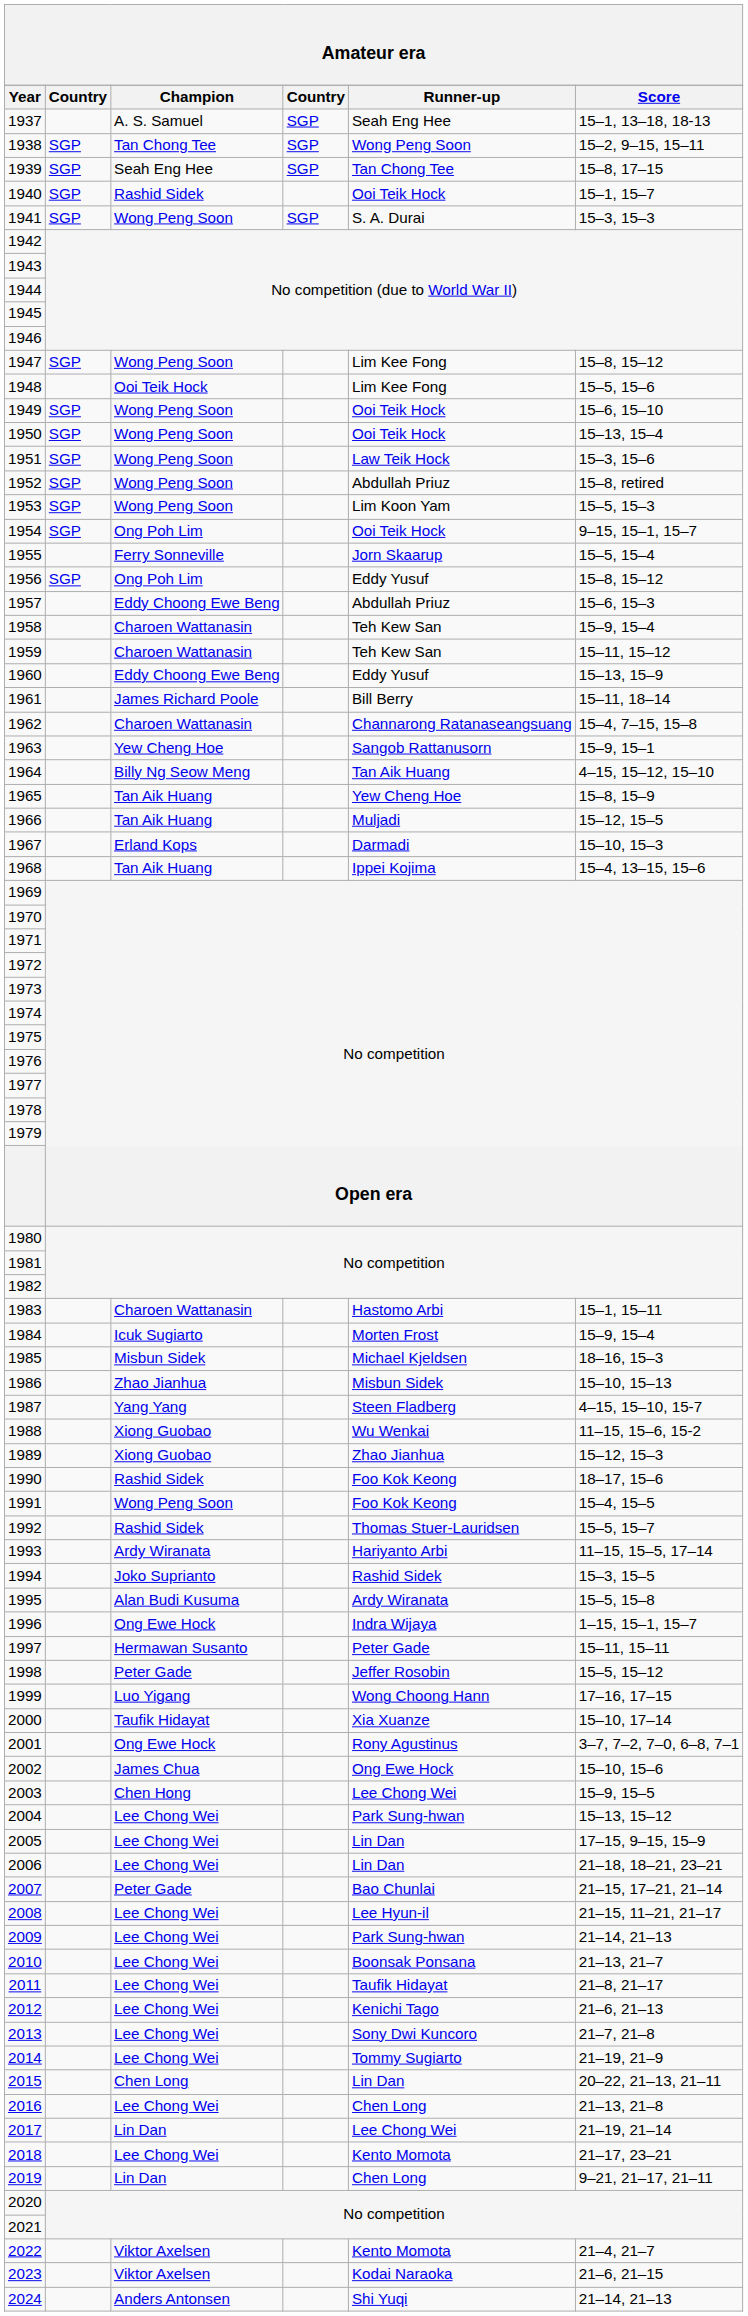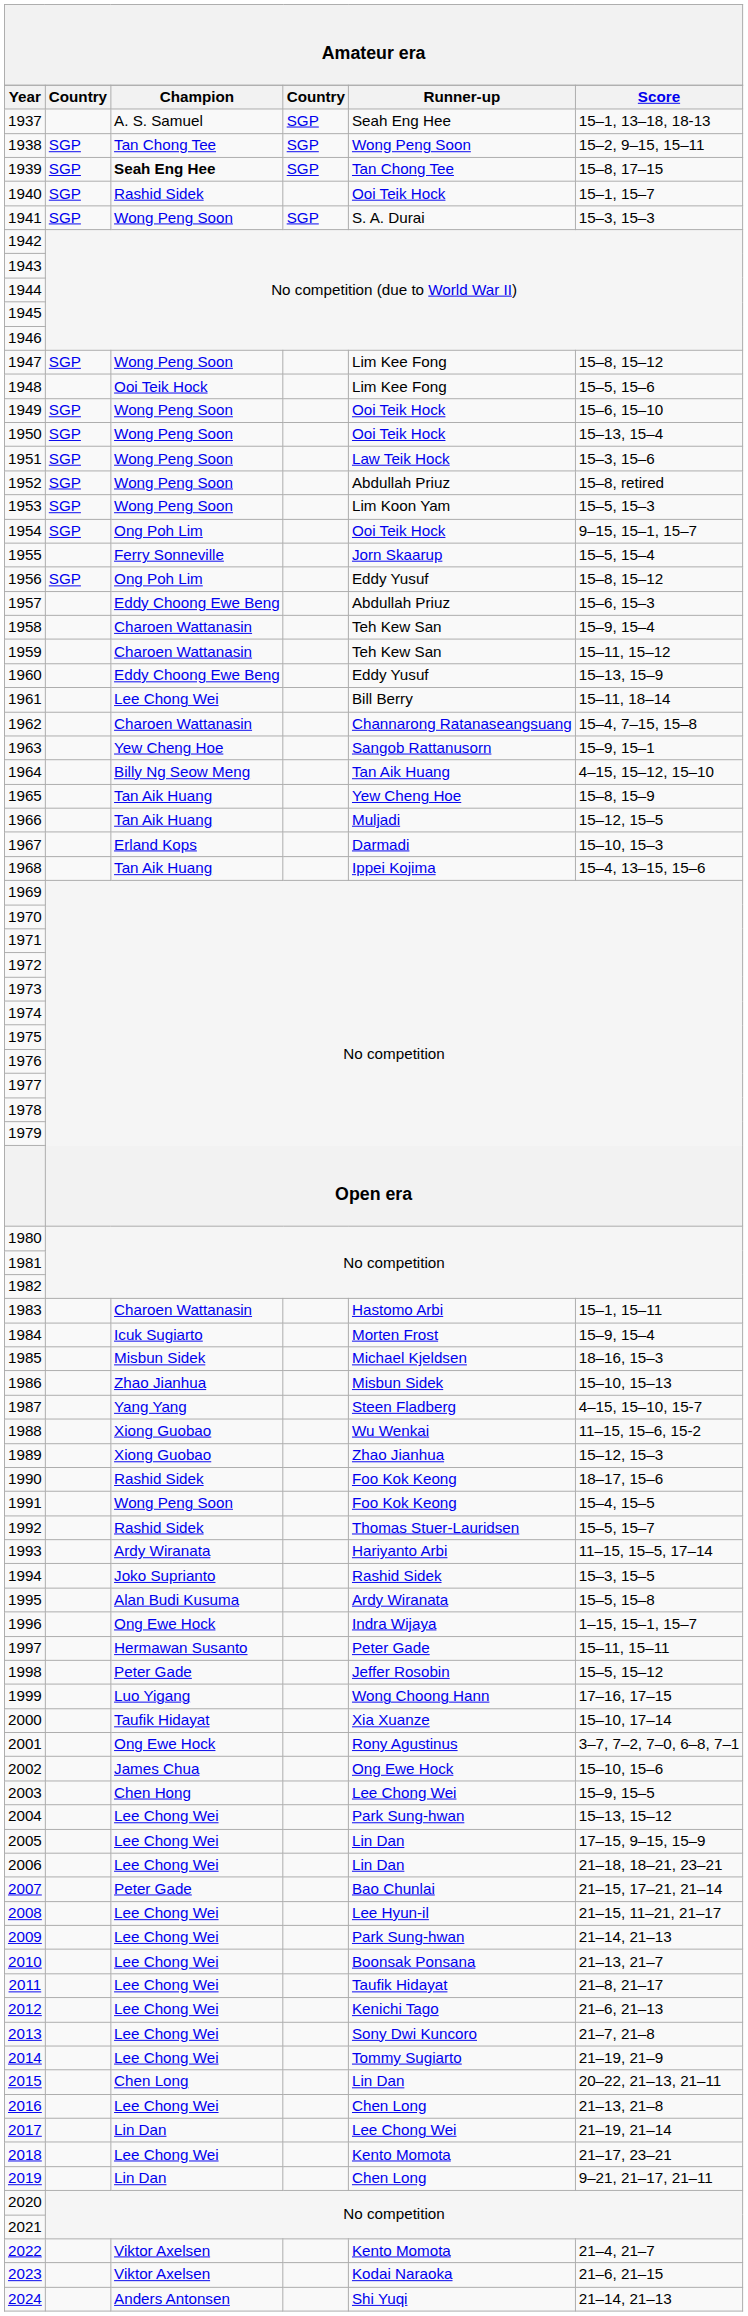 <table class="sortable wikitable">
 <tr>
 <th colspan="6"><br><h3>Amateur era</h3></th>
 </tr>
 <tr>
 </tr>
 <tr>
 <th>Year</th>
 <th>Country</th>
 <th>Champion</th>
 <th>Country</th>
 <th>Runner-up</th>
 <th class="unsortable"><a href='#'>Score</a></th>
 </tr>
 <tr>
 <td align="center">1937</td>
 <td></td>
 <td>A. S. Samuel</td>
 <td> <a href='#'>SGP</a></td>
 <td>Seah Eng Hee</td>
 <td>15–1, 13–18, 18-13</td>
 </tr>
 <tr>
 <td align="center">1938</td>
 <td> <a href='#'>SGP</a></td>
 <td><a href='#'>Tan Chong Tee</a></td>
 <td> <a href='#'>SGP</a></td>
 <td><a href='#'>Wong Peng Soon</a></td>
 <td>15–2, 9–15, 15–11</td>
 </tr>
 <tr>
 <td align="center">1939</td>
 <td> <a href='#'>SGP</a></td>
-<td>Seah Eng Hee</td>
+<td><strong>Seah Eng Hee</strong></td>
 <td> <a href='#'>SGP</a></td>
 <td><a href='#'>Tan Chong Tee</a></td>
 <td>15–8, 17–15</td>
 </tr>
 <tr>
 <td align="center">1940</td>
 <td> <a href='#'>SGP</a></td>
 <td><a href='#'>Rashid Sidek</a></td>
 <td></td>
 <td><a href='#'>Ooi Teik Hock</a></td>
 <td>15–1, 15–7</td>
 </tr>
 <tr>
 <td align="center">1941</td>
 <td> <a href='#'>SGP</a></td>
 <td><a href='#'>Wong Peng Soon</a></td>
 <td> <a href='#'>SGP</a></td>
 <td>S. A. Durai</td>
 <td>15–3, 15–3</td>
 </tr>
 <tr>
 <td align="center">1942</td>
 <td align="center" bgcolor="#f5f5f5" rowspan="5" colspan="5">No competition (due to <a href='#'>World War II</a>)</td>
 </tr>
 <tr>
 <td align="center">1943</td>
 </tr>
 <tr>
 <td align="center">1944</td>
 </tr>
 <tr>
 <td align="center">1945</td>
 </tr>
 <tr>
 <td align="center">1946</td>
 </tr>
 <tr>
 <td align="center">1947</td>
 <td> <a href='#'>SGP</a></td>
 <td><a href='#'>Wong Peng Soon</a></td>
 <td></td>
 <td>Lim Kee Fong</td>
 <td>15–8, 15–12</td>
 </tr>
 <tr>
 <td align="center">1948</td>
 <td></td>
 <td><a href='#'>Ooi Teik Hock</a></td>
 <td></td>
 <td>Lim Kee Fong</td>
 <td>15–5, 15–6</td>
 </tr>
 <tr>
 <td align="center">1949</td>
 <td> <a href='#'>SGP</a></td>
 <td><a href='#'>Wong Peng Soon</a></td>
 <td></td>
 <td><a href='#'>Ooi Teik Hock</a></td>
 <td>15–6, 15–10</td>
 </tr>
 <tr>
 <td align="center">1950</td>
 <td> <a href='#'>SGP</a></td>
 <td><a href='#'>Wong Peng Soon</a></td>
 <td></td>
 <td><a href='#'>Ooi Teik Hock</a></td>
 <td>15–13, 15–4</td>
 </tr>
 <tr>
 <td align="center">1951</td>
 <td> <a href='#'>SGP</a></td>
 <td><a href='#'>Wong Peng Soon</a></td>
 <td></td>
 <td><a href='#'>Law Teik Hock</a></td>
 <td>15–3, 15–6</td>
 </tr>
 <tr>
 <td align="center">1952</td>
 <td> <a href='#'>SGP</a></td>
 <td><a href='#'>Wong Peng Soon</a></td>
 <td></td>
 <td>Abdullah Priuz</td>
 <td>15–8, retired</td>
 </tr>
 <tr>
 <td align="center">1953</td>
 <td> <a href='#'>SGP</a></td>
 <td><a href='#'>Wong Peng Soon</a></td>
 <td></td>
 <td>Lim Koon Yam</td>
 <td>15–5, 15–3</td>
 </tr>
 <tr>
 <td align="center">1954</td>
 <td> <a href='#'>SGP</a></td>
 <td><a href='#'>Ong Poh Lim</a></td>
 <td></td>
 <td><a href='#'>Ooi Teik Hock</a></td>
 <td>9–15, 15–1, 15–7</td>
 </tr>
 <tr>
 <td align="center">1955</td>
 <td></td>
 <td><a href='#'>Ferry Sonneville</a></td>
 <td></td>
 <td><a href='#'>Jorn Skaarup</a></td>
 <td>15–5, 15–4</td>
 </tr>
 <tr>
 <td align="center">1956</td>
 <td> <a href='#'>SGP</a></td>
 <td><a href='#'>Ong Poh Lim</a></td>
 <td></td>
 <td>Eddy Yusuf</td>
 <td>15–8, 15–12</td>
 </tr>
 <tr>
 <td align="center">1957</td>
 <td></td>
 <td><a href='#'>Eddy Choong Ewe Beng</a></td>
 <td></td>
 <td>Abdullah Priuz</td>
 <td>15–6, 15–3</td>
 </tr>
 <tr>
 <td align="center">1958</td>
 <td></td>
 <td><a href='#'>Charoen Wattanasin</a></td>
 <td></td>
 <td>Teh Kew San</td>
 <td>15–9, 15–4</td>
 </tr>
 <tr>
 <td align="center">1959</td>
 <td></td>
 <td><a href='#'>Charoen Wattanasin</a></td>
 <td></td>
 <td>Teh Kew San</td>
 <td>15–11, 15–12</td>
 </tr>
 <tr>
 <td align="center">1960</td>
 <td></td>
 <td><a href='#'>Eddy Choong Ewe Beng</a></td>
 <td></td>
 <td>Eddy Yusuf</td>
 <td>15–13, 15–9</td>
 </tr>
 <tr>
 <td align="center">1961</td>
 <td></td>
-<td><a href='#'>James Richard Poole</a></td>
+<td><a href='#'>Lee Chong Wei</a></td>
 <td></td>
 <td>Bill Berry</td>
 <td>15–11, 18–14</td>
 </tr>
 <tr>
 <td align="center">1962</td>
 <td></td>
 <td><a href='#'>Charoen Wattanasin</a></td>
 <td></td>
 <td><a href='#'>Channarong Ratanaseangsuang</a></td>
 <td>15–4, 7–15, 15–8</td>
 </tr>
 <tr>
 <td align="center">1963</td>
 <td></td>
 <td><a href='#'>Yew Cheng Hoe</a></td>
 <td></td>
 <td><a href='#'>Sangob Rattanusorn</a></td>
 <td>15–9, 15–1</td>
 </tr>
 <tr>
 <td align="center">1964</td>
 <td></td>
 <td><a href='#'>Billy Ng Seow Meng</a></td>
 <td></td>
 <td><a href='#'>Tan Aik Huang</a></td>
 <td>4–15, 15–12, 15–10</td>
 </tr>
 <tr>
 <td align="center">1965</td>
 <td></td>
 <td><a href='#'>Tan Aik Huang</a></td>
 <td></td>
 <td><a href='#'>Yew Cheng Hoe</a></td>
 <td>15–8, 15–9</td>
 </tr>
 <tr>
 <td align="center">1966</td>
 <td></td>
 <td><a href='#'>Tan Aik Huang</a></td>
 <td></td>
 <td><a href='#'>Muljadi</a></td>
 <td>15–12, 15–5</td>
 </tr>
 <tr>
 <td align="center">1967</td>
 <td></td>
 <td><a href='#'>Erland Kops</a></td>
 <td></td>
 <td><a href='#'>Darmadi</a></td>
 <td>15–10, 15–3</td>
 </tr>
 <tr>
 <td align="center">1968</td>
 <td></td>
 <td><a href='#'>Tan Aik Huang</a></td>
 <td></td>
 <td><a href='#'>Ippei Kojima</a></td>
 <td>15–4, 13–15, 15–6</td>
 </tr>
 <tr>
 <td align="center">1969</td>
 <td align="center" bgcolor="#f5f5f5" rowspan="12" colspan="5">No competition</td>
 </tr>
 <tr>
 <td align="center">1970</td>
 </tr>
 <tr>
 <td align="center">1971</td>
 </tr>
 <tr>
 <td align="center">1972</td>
 </tr>
 <tr>
 <td align="center">1973</td>
 </tr>
 <tr>
 <td align="center">1974</td>
 </tr>
 <tr>
 <td align="center">1975</td>
 </tr>
 <tr>
 <td align="center">1976</td>
 </tr>
 <tr>
 <td align="center">1977</td>
 </tr>
 <tr>
 <td align="center">1978</td>
 </tr>
 <tr>
 <td align="center">1979</td>
 </tr>
 <tr>
 <th colspan="6"><br><h3>Open era</h3></th>
 </tr>
 <tr>
 <td align="center">1980</td>
 <td align="center" bgcolor="#f5f5f5" rowspan="3" colspan="5">No competition</td>
 </tr>
 <tr>
 <td align="center">1981</td>
 </tr>
 <tr>
 <td align="center">1982</td>
 </tr>
 <tr>
 <td align="center">1983</td>
 <td></td>
 <td><a href='#'>Charoen Wattanasin</a></td>
 <td></td>
 <td><a href='#'>Hastomo Arbi</a></td>
 <td>15–1, 15–11</td>
 </tr>
 <tr>
 <td align="center">1984</td>
 <td></td>
 <td><a href='#'>Icuk Sugiarto</a></td>
 <td></td>
 <td><a href='#'>Morten Frost</a></td>
 <td>15–9, 15–4</td>
 </tr>
 <tr>
 <td align="center">1985</td>
 <td></td>
 <td><a href='#'>Misbun Sidek</a></td>
 <td></td>
 <td><a href='#'>Michael Kjeldsen</a></td>
 <td>18–16, 15–3</td>
 </tr>
 <tr>
 <td align="center">1986</td>
 <td></td>
 <td><a href='#'>Zhao Jianhua</a></td>
 <td></td>
 <td><a href='#'>Misbun Sidek</a></td>
 <td>15–10, 15–13</td>
 </tr>
 <tr>
 <td align="center">1987</td>
 <td></td>
 <td><a href='#'>Yang Yang</a></td>
 <td></td>
 <td><a href='#'>Steen Fladberg</a></td>
 <td>4–15, 15–10, 15-7</td>
 </tr>
 <tr>
 <td align="center">1988</td>
 <td></td>
 <td><a href='#'>Xiong Guobao</a></td>
 <td></td>
 <td><a href='#'>Wu Wenkai</a></td>
 <td>11–15, 15–6, 15-2</td>
 </tr>
 <tr>
 <td align="center">1989</td>
 <td></td>
 <td><a href='#'>Xiong Guobao</a></td>
 <td></td>
 <td><a href='#'>Zhao Jianhua</a></td>
 <td>15–12, 15–3</td>
 </tr>
 <tr>
 <td align="center">1990</td>
 <td></td>
 <td><a href='#'>Rashid Sidek</a></td>
 <td></td>
 <td><a href='#'>Foo Kok Keong</a></td>
 <td>18–17, 15–6</td>
 </tr>
 <tr>
 <td align="center">1991</td>
 <td></td>
 <td><a href='#'>Wong Peng Soon</a></td>
 <td></td>
 <td><a href='#'>Foo Kok Keong</a></td>
 <td>15–4, 15–5</td>
 </tr>
 <tr>
 <td align="center">1992</td>
 <td></td>
 <td><a href='#'>Rashid Sidek</a></td>
 <td></td>
 <td><a href='#'>Thomas Stuer-Lauridsen</a></td>
 <td>15–5, 15–7</td>
 </tr>
 <tr>
 <td align="center">1993</td>
 <td></td>
 <td><a href='#'>Ardy Wiranata</a></td>
 <td></td>
 <td><a href='#'>Hariyanto Arbi</a></td>
 <td>11–15, 15–5, 17–14</td>
 </tr>
 <tr>
 <td align="center">1994</td>
 <td></td>
 <td><a href='#'>Joko Suprianto</a></td>
 <td></td>
 <td><a href='#'>Rashid Sidek</a></td>
 <td>15–3, 15–5</td>
 </tr>
 <tr>
 <td align="center">1995</td>
 <td></td>
 <td><a href='#'>Alan Budi Kusuma</a></td>
 <td></td>
 <td><a href='#'>Ardy Wiranata</a></td>
 <td>15–5, 15–8</td>
 </tr>
 <tr>
 <td align="center">1996</td>
 <td></td>
 <td><a href='#'>Ong Ewe Hock</a></td>
 <td></td>
 <td><a href='#'>Indra Wijaya</a></td>
 <td>1–15, 15–1, 15–7</td>
 </tr>
 <tr>
 <td align="center">1997</td>
 <td></td>
 <td><a href='#'>Hermawan Susanto</a></td>
 <td></td>
 <td><a href='#'>Peter Gade</a></td>
 <td>15–11, 15–11</td>
 </tr>
 <tr>
 <td align="center">1998</td>
 <td></td>
 <td><a href='#'>Peter Gade</a></td>
 <td></td>
 <td><a href='#'>Jeffer Rosobin</a></td>
 <td>15–5, 15–12</td>
 </tr>
 <tr>
 <td align="center">1999</td>
 <td></td>
 <td><a href='#'>Luo Yigang</a></td>
 <td></td>
 <td><a href='#'>Wong Choong Hann</a></td>
 <td>17–16, 17–15</td>
 </tr>
 <tr>
 <td align="center">2000</td>
 <td></td>
 <td><a href='#'>Taufik Hidayat</a></td>
 <td></td>
 <td><a href='#'>Xia Xuanze</a></td>
 <td>15–10, 17–14</td>
 </tr>
 <tr>
 <td align="center">2001</td>
 <td></td>
 <td><a href='#'>Ong Ewe Hock</a></td>
 <td></td>
 <td><a href='#'>Rony Agustinus</a></td>
 <td>3–7, 7–2, 7–0, 6–8, 7–1</td>
 </tr>
 <tr>
 <td align="center">2002</td>
 <td></td>
 <td><a href='#'>James Chua</a></td>
 <td></td>
 <td><a href='#'>Ong Ewe Hock</a></td>
 <td>15–10, 15–6</td>
 </tr>
 <tr>
 <td align="center">2003</td>
 <td></td>
 <td><a href='#'>Chen Hong</a></td>
 <td></td>
 <td><a href='#'>Lee Chong Wei</a></td>
 <td>15–9, 15–5</td>
 </tr>
 <tr>
 <td align="center">2004</td>
 <td></td>
 <td><a href='#'>Lee Chong Wei</a></td>
 <td></td>
 <td><a href='#'>Park Sung-hwan</a></td>
 <td>15–13, 15–12</td>
 </tr>
 <tr>
 <td align="center">2005</td>
 <td></td>
 <td><a href='#'>Lee Chong Wei</a></td>
 <td></td>
 <td><a href='#'>Lin Dan</a></td>
 <td>17–15, 9–15, 15–9</td>
 </tr>
 <tr>
 <td align="center">2006</td>
 <td></td>
 <td><a href='#'>Lee Chong Wei</a></td>
 <td></td>
 <td><a href='#'>Lin Dan</a></td>
 <td>21–18, 18–21, 23–21</td>
 </tr>
 <tr>
 <td align="center"><a href='#'>2007</a></td>
 <td></td>
 <td><a href='#'>Peter Gade</a></td>
 <td></td>
 <td><a href='#'>Bao Chunlai</a></td>
 <td>21–15, 17–21, 21–14</td>
 </tr>
 <tr>
 <td align="center"><a href='#'>2008</a></td>
 <td></td>
 <td><a href='#'>Lee Chong Wei</a></td>
 <td></td>
 <td><a href='#'>Lee Hyun-il</a></td>
 <td>21–15, 11–21, 21–17</td>
 </tr>
 <tr>
 <td align="center"><a href='#'>2009</a></td>
 <td></td>
 <td><a href='#'>Lee Chong Wei</a></td>
 <td></td>
 <td><a href='#'>Park Sung-hwan</a></td>
 <td>21–14, 21–13</td>
 </tr>
 <tr>
 <td align="center"><a href='#'>2010</a></td>
 <td></td>
 <td><a href='#'>Lee Chong Wei</a></td>
 <td></td>
 <td><a href='#'>Boonsak Ponsana</a></td>
 <td>21–13, 21–7</td>
 </tr>
 <tr>
 <td align="center"><a href='#'>2011</a></td>
 <td></td>
 <td><a href='#'>Lee Chong Wei</a></td>
 <td></td>
 <td><a href='#'>Taufik Hidayat</a></td>
 <td>21–8, 21–17</td>
 </tr>
 <tr>
 <td align="center"><a href='#'>2012</a></td>
 <td></td>
 <td><a href='#'>Lee Chong Wei</a></td>
 <td></td>
 <td><a href='#'>Kenichi Tago</a></td>
 <td>21–6, 21–13</td>
 </tr>
 <tr>
 <td align="center"><a href='#'>2013</a></td>
 <td></td>
 <td><a href='#'>Lee Chong Wei</a></td>
 <td></td>
 <td><a href='#'>Sony Dwi Kuncoro</a></td>
 <td>21–7, 21–8</td>
 </tr>
 <tr>
 <td align="center"><a href='#'>2014</a></td>
 <td></td>
 <td><a href='#'>Lee Chong Wei</a></td>
 <td></td>
 <td><a href='#'>Tommy Sugiarto</a></td>
 <td>21–19, 21–9</td>
 </tr>
 <tr>
 <td align="center"><a href='#'>2015</a></td>
 <td></td>
 <td><a href='#'>Chen Long</a></td>
 <td></td>
 <td><a href='#'>Lin Dan</a></td>
 <td>20–22, 21–13, 21–11</td>
 </tr>
 <tr>
 <td align="center"><a href='#'>2016</a></td>
 <td></td>
 <td><a href='#'>Lee Chong Wei</a></td>
 <td></td>
 <td><a href='#'>Chen Long</a></td>
 <td>21–13, 21–8</td>
 </tr>
 <tr>
 <td align="center"><a href='#'>2017</a></td>
 <td></td>
 <td><a href='#'>Lin Dan</a></td>
 <td></td>
 <td><a href='#'>Lee Chong Wei</a></td>
 <td>21–19, 21–14</td>
 </tr>
 <tr>
 <td align="center"><a href='#'>2018</a></td>
 <td></td>
 <td><a href='#'>Lee Chong Wei</a></td>
 <td></td>
 <td><a href='#'>Kento Momota</a></td>
 <td>21–17, 23–21</td>
 </tr>
 <tr>
 <td align="center"><a href='#'>2019</a></td>
 <td></td>
 <td><a href='#'>Lin Dan</a></td>
 <td></td>
 <td><a href='#'>Chen Long</a></td>
 <td>9–21, 21–17, 21–11</td>
 </tr>
 <tr>
 <td align="center">2020</td>
 <td align="center" bgcolor="#f5f5f5" rowspan="2" colspan="5">No competition</td>
 </tr>
 <tr>
 <td align="center">2021</td>
 </tr>
 <tr>
 <td align="center"><a href='#'>2022</a></td>
 <td></td>
 <td><a href='#'>Viktor Axelsen</a></td>
 <td></td>
 <td><a href='#'>Kento Momota</a></td>
 <td>21–4, 21–7</td>
 </tr>
 <tr>
 <td align="center"><a href='#'>2023</a></td>
 <td></td>
 <td><a href='#'>Viktor Axelsen</a></td>
 <td></td>
 <td><a href='#'>Kodai Naraoka</a></td>
 <td>21–6, 21–15</td>
 </tr>
 <tr>
 <td align="center"><a href='#'>2024</a></td>
 <td></td>
 <td><a href='#'>Anders Antonsen</a></td>
 <td></td>
 <td><a href='#'>Shi Yuqi</a></td>
 <td>21–14, 21–13</td>
 </tr>
 </table>
